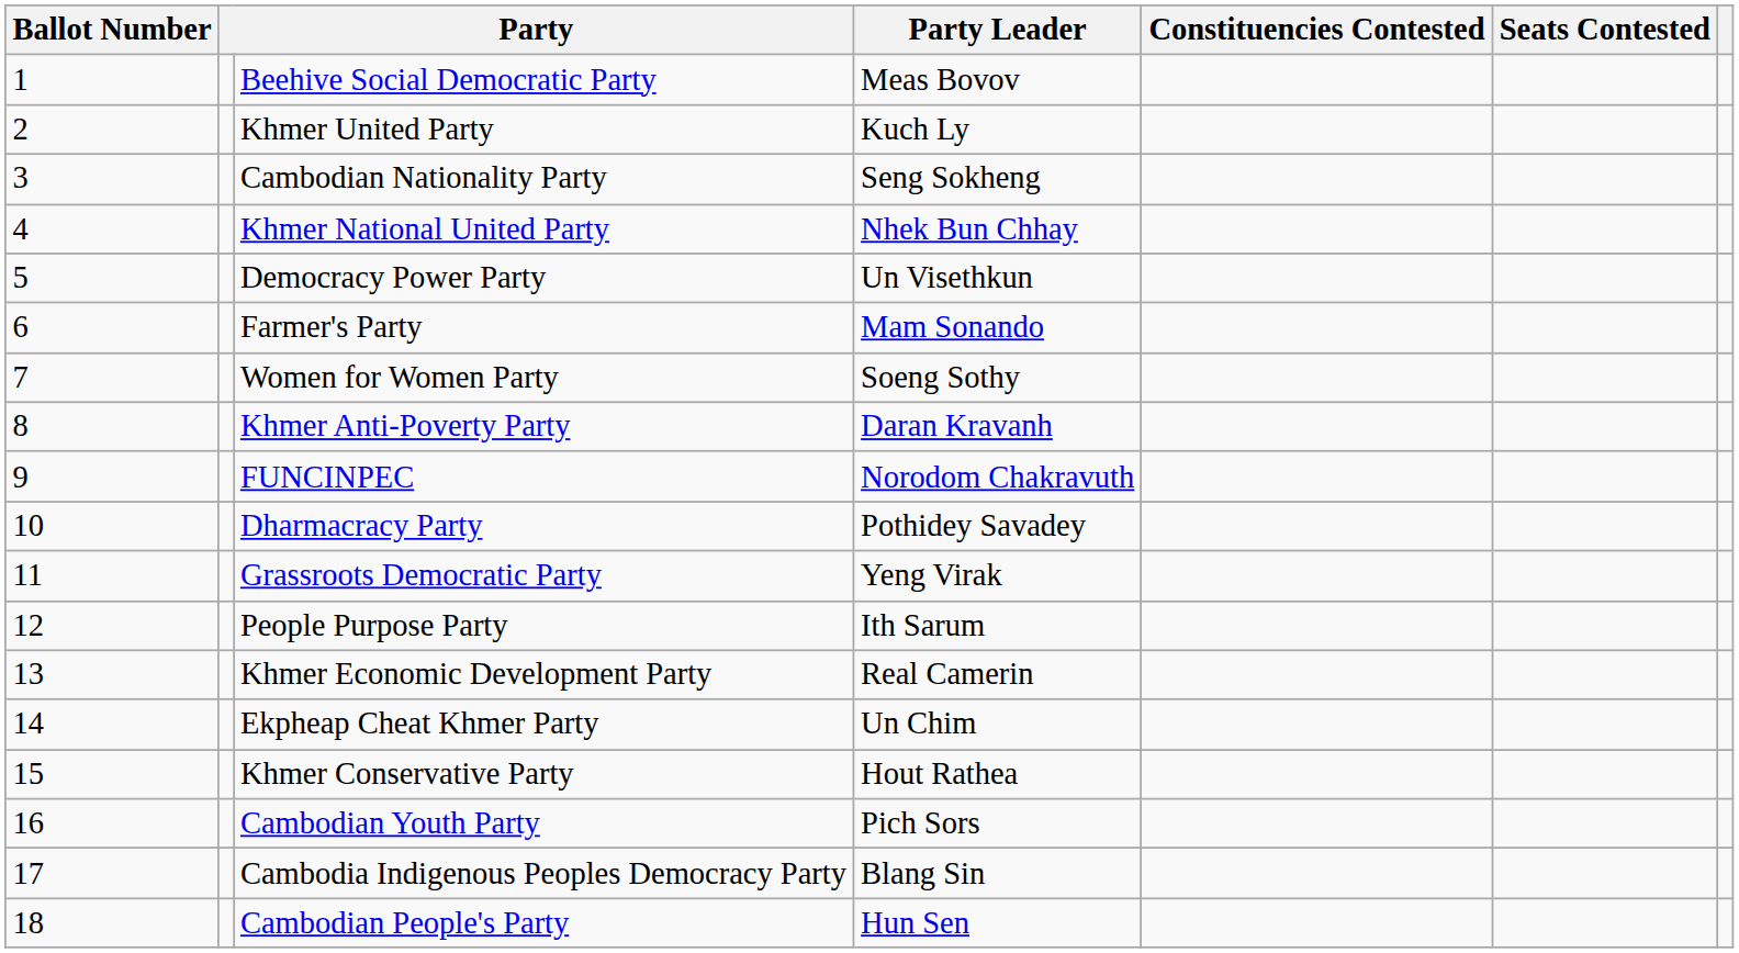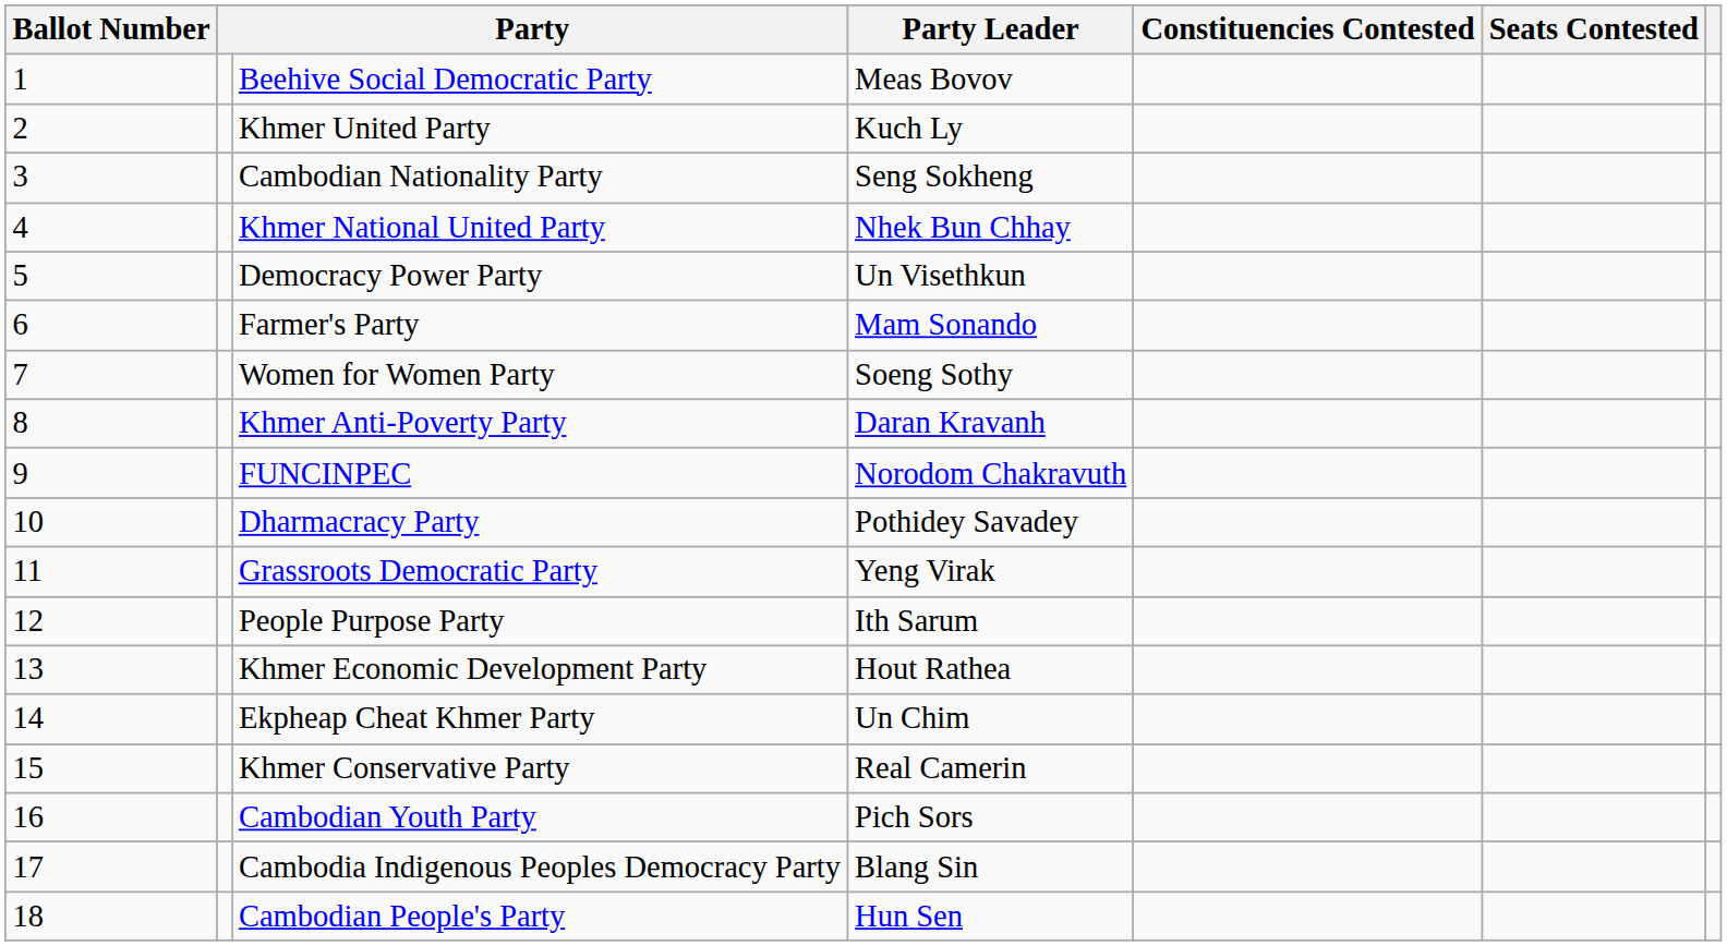 <table class="wikitable sortable" style="text-align:right">
 <tr>
 <th>Ballot Number</th>
 <th colspan="2">Party</th>
 <th>Party Leader</th>
 <th>Constituencies  Contested</th>
 <th>Seats Contested</th>
 <th></th>
 </tr>
 <tr>
 <td align="left">1</td>
 <td bgcolor=></td>
 <td align="left"><a href='#'>Beehive Social Democratic Party</a></td>
 <td align="left">Meas Bovov</td>
 <td></td>
 <td></td>
 <td></td>
 </tr>
 <tr>
 <td align="left">2</td>
 <td bgcolor=></td>
 <td align="left">Khmer United Party</td>
 <td align="left">Kuch Ly</td>
 <td></td>
 <td></td>
 <td></td>
 </tr>
 <tr>
 <td align="left">3</td>
 <td></td>
 <td align="left">Cambodian Nationality Party</td>
 <td align="left">Seng Sokheng</td>
 <td></td>
 <td></td>
 <td></td>
 </tr>
 <tr>
 <td align="left">4</td>
 <td></td>
 <td align="left"><a href='#'>Khmer National United Party</a></td>
 <td align="left"><a href='#'>Nhek Bun Chhay</a></td>
 <td></td>
 <td></td>
 <td></td>
 </tr>
 <tr>
 <td align="left">5</td>
 <td></td>
 <td align="left">Democracy Power Party</td>
 <td align="left">Un Visethkun</td>
 <td></td>
 <td></td>
 <td></td>
 </tr>
 <tr>
 <td align="left">6</td>
 <td></td>
 <td align="left">Farmer's Party</td>
 <td align="left"><a href='#'>Mam Sonando</a></td>
 <td></td>
 <td></td>
 <td></td>
 </tr>
 <tr>
 <td align="left">7</td>
 <td></td>
 <td align="left">Women for Women Party</td>
 <td align="left">Soeng Sothy</td>
 <td></td>
 <td></td>
 <td></td>
 </tr>
 <tr>
 <td align="left">8</td>
 <td></td>
 <td align="left"><a href='#'>Khmer Anti-Poverty Party</a></td>
 <td align="left"><a href='#'>Daran Kravanh</a></td>
 <td></td>
 <td></td>
 <td></td>
 </tr>
 <tr>
 <td align="left">9</td>
 <td></td>
 <td align="left"><a href='#'>FUNCINPEC</a></td>
 <td align="left"><a href='#'>Norodom Chakravuth</a></td>
 <td></td>
 <td></td>
 <td></td>
 </tr>
 <tr>
 <td align="left">10</td>
 <td></td>
 <td align="left"><a href='#'>Dharmacracy Party</a></td>
 <td align="left">Pothidey Savadey</td>
 <td></td>
 <td></td>
 <td></td>
 </tr>
 <tr>
 <td align="left">11</td>
 <td></td>
 <td align="left"><a href='#'>Grassroots Democratic Party</a></td>
 <td align="left">Yeng Virak</td>
 <td></td>
 <td></td>
 <td></td>
 </tr>
 <tr>
 <td align="left">12</td>
 <td></td>
 <td align="left">People Purpose Party</td>
 <td align="left">Ith Sarum</td>
 <td></td>
 <td></td>
 <td></td>
 </tr>
 <tr>
 <td align="left">13</td>
 <td></td>
 <td align="left">Khmer Economic Development Party</td>
-<td align="left">Real Camerin</td>
+<td align="left">Hout Rathea</td>
 <td></td>
 <td></td>
 <td></td>
 </tr>
 <tr>
 <td align="left">14</td>
 <td></td>
 <td align="left">Ekpheap Cheat Khmer Party</td>
 <td align="left">Un Chim</td>
 <td></td>
 <td></td>
 <td></td>
 </tr>
 <tr>
 <td align="left">15</td>
 <td></td>
 <td align="left">Khmer Conservative Party</td>
-<td align="left">Hout Rathea</td>
+<td align="left">Real Camerin</td>
 <td></td>
 <td></td>
 <td></td>
 </tr>
 <tr>
 <td align="left">16</td>
 <td></td>
 <td align="left"><a href='#'>Cambodian Youth Party</a></td>
 <td align="left">Pich Sors</td>
 <td></td>
 <td></td>
 <td></td>
 </tr>
 <tr>
 <td align="left">17</td>
 <td></td>
 <td align="left">Cambodia Indigenous Peoples Democracy Party</td>
 <td align="left">Blang Sin</td>
 <td></td>
 <td></td>
 <td></td>
 </tr>
 <tr>
 <td align="left">18</td>
 <td></td>
 <td align="left"><a href='#'>Cambodian People's Party</a></td>
 <td align="left"><a href='#'>Hun Sen</a></td>
 <td></td>
 <td></td>
 <td></td>
 </tr>
 </table>
